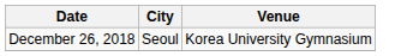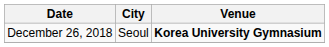 <table class="wikitable" style="text-align:center;">
 <tr>
 <th>Date</th>
 <th>City</th>
 <th>Venue</th>
 </tr>
 <tr>
 <td>December 26, 2018</td>
 <td>Seoul</td>
-<td>Korea University Gymnasium</td>
+<td><strong>Korea University Gymnasium</strong></td>
 </tr>
 <tr>
 </tr>
 </table>
